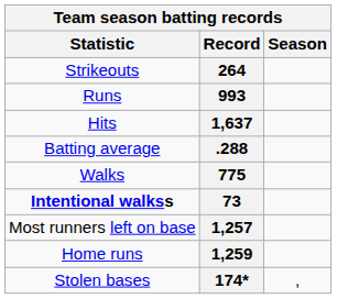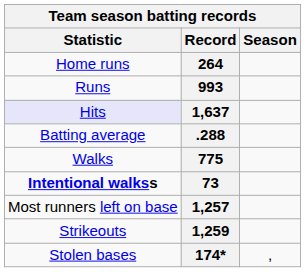 <table class="wikitable sortable" style="text-align:center">
 <tr>
 <th colspan=5>Team season batting records</th>
 </tr>
 <tr>
 <th scope="col">Statistic</th>
 <th scope="col" class="unsortable">Record</th>
 <th scope="col">Season</th>
 </tr>
 <tr>
-<td><a href='#'>Strikeouts</a></td>
+<td><a href='#'>Home runs</a></td>
 <th scope="row">264</th>
 <td></td>
 </tr>
 <tr>
 <td><a href='#'>Runs</a></td>
 <th scope="row">993</th>
 <td></td>
 </tr>
 <tr>
-<td><a href='#'>Hits</a></td>
+<td style="background: lavender;"><a href='#'>Hits</a></td>
 <th scope="row">1,637</th>
 <td></td>
 </tr>
 <tr>
 <td><a href='#'>Batting average</a></td>
 <th scope="row">.288</th>
 <td></td>
 </tr>
 <tr>
 <td><a href='#'>Walks</a></td>
 <th scope="row">775</th>
 <td></td>
 </tr>
 <tr>
 <td><strong><a href='#'>Intentional walks</a>s</strong></td>
 <th scope="row">73</th>
 <td></td>
 </tr>
 <tr>
 <td>Most runners <a href='#'>left on base</a></td>
 <th scope="row">1,257</th>
 <td></td>
 </tr>
 <tr>
-<td><a href='#'>Home runs</a></td>
+<td><a href='#'>Strikeouts</a></td>
 <th scope="row">1,259</th>
 <td></td>
 </tr>
 <tr>
 <td><a href='#'>Stolen bases</a></td>
 <th scope="row">174*</th>
 <td>, </td>
 </tr>
 </table>
